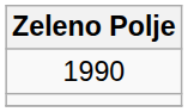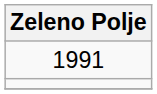 <table class="wikitable" style="margin: 0.5em auto; text-align: center;">
 <tr>
 <th colspan="1">Zeleno Polje</th>
 </tr>
 <tr>
-<td>1990</td>
+<td>1991</td>
 </tr>
 <tr>
 <td></td>
 </tr>
 <tr>
 </tr>
 </table>
